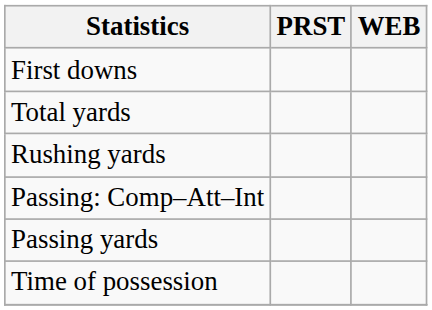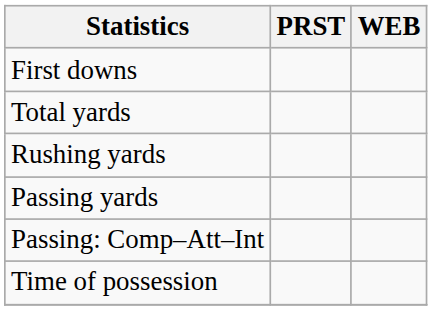 <table class="wikitable" style="float: left;">
 <tr>
 <th>Statistics</th>
 <th>PRST</th>
 <th>WEB</th>
 </tr>
 <tr>
 <td>First downs</td>
 <td></td>
 <td></td>
 </tr>
 <tr>
 <td>Total yards</td>
 <td></td>
 <td></td>
 </tr>
 <tr>
 <td>Rushing yards</td>
 <td></td>
 <td></td>
 </tr>
 <tr>
-<td>Passing: Comp–Att–Int</td>
+<td>Passing yards</td>
 <td></td>
 <td></td>
 </tr>
 <tr>
-<td>Passing yards</td>
+<td>Passing: Comp–Att–Int</td>
 <td></td>
 <td></td>
 </tr>
 <tr>
 <td>Time of possession</td>
 <td></td>
 <td></td>
 </tr>
 <tr>
 </tr>
 </table>
